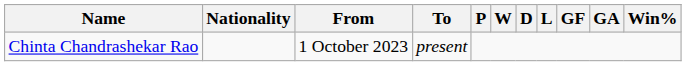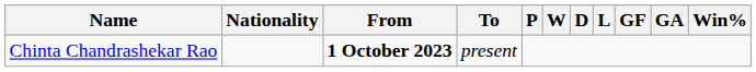 <table class="wikitable plainrowheaders sortable" style="text-align:center">
 <tr>
 <th>Name</th>
 <th>Nationality</th>
 <th>From</th>
 <th class="unsortable">To</th>
 <th>P</th>
 <th>W</th>
 <th>D</th>
 <th>L</th>
 <th>GF</th>
 <th>GA</th>
 <th>Win%</th>
 </tr>
 <tr>
 <td scope=row style=text-align:left><a href='#'>Chinta Chandrashekar Rao</a></td>
 <td align=left></td>
-<td align=left>1 October 2023</td>
+<td align=left><strong>1 October 2023</strong></td>
 <td align=left><em>present</em><br></td>
 </tr>
 </table>
